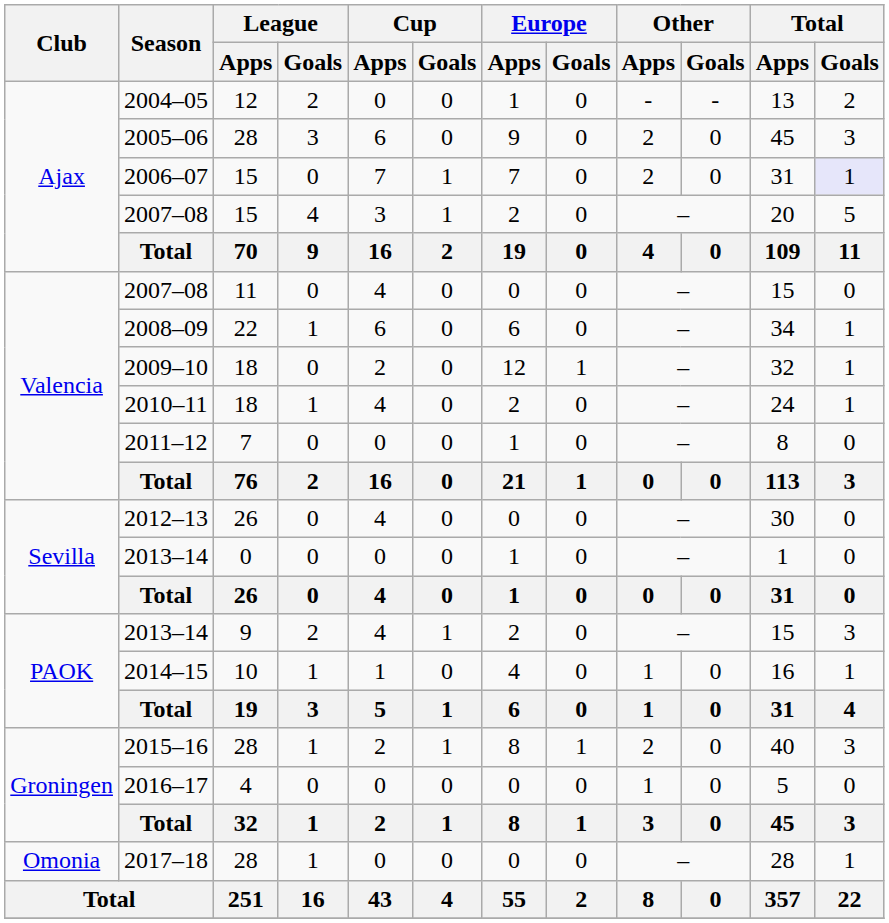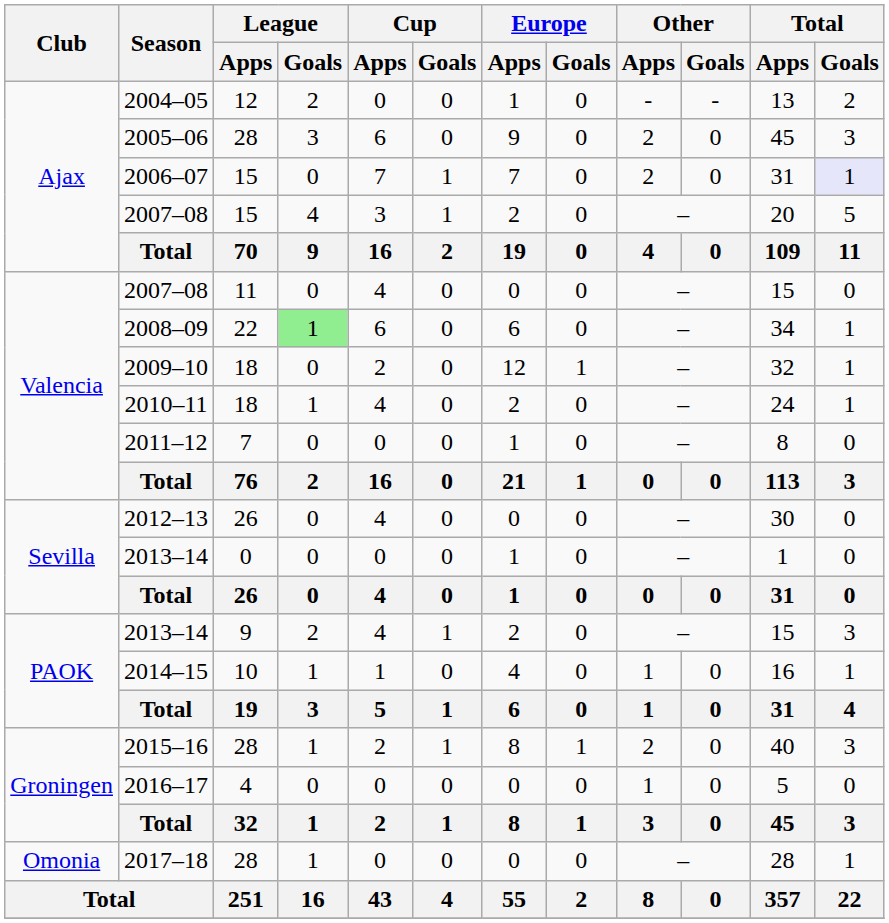 <table class="wikitable" style="text-align:center">
 <tr>
 <th rowspan=2>Club</th>
 <th rowspan=2>Season</th>
 <th colspan=2>League</th>
 <th colspan=2>Cup</th>
 <th colspan=2><a href='#'>Europe</a></th>
 <th colspan=2>Other</th>
 <th colspan=2>Total</th>
 </tr>
 <tr>
 <th>Apps</th>
 <th>Goals</th>
 <th>Apps</th>
 <th>Goals</th>
 <th>Apps</th>
 <th>Goals</th>
 <th>Apps</th>
 <th>Goals</th>
 <th>Apps</th>
 <th>Goals</th>
 </tr>
 <tr>
 <td rowspan=5><a href='#'>Ajax</a></td>
 <td>2004–05</td>
 <td>12</td>
 <td>2</td>
 <td>0</td>
 <td>0</td>
 <td>1</td>
 <td>0</td>
 <td>-</td>
 <td>-</td>
 <td>13</td>
 <td>2</td>
 </tr>
 <tr>
 <td>2005–06</td>
 <td>28</td>
 <td>3</td>
 <td>6</td>
 <td>0</td>
 <td>9</td>
 <td>0</td>
 <td>2</td>
 <td>0</td>
 <td>45</td>
 <td>3</td>
 </tr>
 <tr>
 <td>2006–07</td>
 <td>15</td>
 <td>0</td>
 <td>7</td>
 <td>1</td>
 <td>7</td>
 <td>0</td>
 <td>2</td>
 <td>0</td>
 <td>31</td>
 <td style="background: lavender;">1</td>
 </tr>
 <tr>
 <td>2007–08</td>
 <td>15</td>
 <td>4</td>
 <td>3</td>
 <td>1</td>
 <td>2</td>
 <td>0</td>
 <td colspan=2>–</td>
 <td>20</td>
 <td>5</td>
 </tr>
 <tr>
 <th>Total</th>
 <th>70</th>
 <th>9</th>
 <th>16</th>
 <th>2</th>
 <th>19</th>
 <th>0</th>
 <th>4</th>
 <th>0</th>
 <th>109</th>
 <th>11</th>
 </tr>
 <tr>
 <td rowspan=6><a href='#'>Valencia</a></td>
 <td>2007–08</td>
 <td>11</td>
 <td>0</td>
 <td>4</td>
 <td>0</td>
 <td>0</td>
 <td>0</td>
 <td colspan=2>–</td>
 <td>15</td>
 <td>0</td>
 </tr>
 <tr>
 <td>2008–09</td>
 <td>22</td>
-<td>1</td>
+<td style="background: lightgreen;">1</td>
 <td>6</td>
 <td>0</td>
 <td>6</td>
 <td>0</td>
 <td colspan=2>–</td>
 <td>34</td>
 <td>1</td>
 </tr>
 <tr>
 <td>2009–10</td>
 <td>18</td>
 <td>0</td>
 <td>2</td>
 <td>0</td>
 <td>12</td>
 <td>1</td>
 <td colspan=2>–</td>
 <td>32</td>
 <td>1</td>
 </tr>
 <tr>
 <td>2010–11</td>
 <td>18</td>
 <td>1</td>
 <td>4</td>
 <td>0</td>
 <td>2</td>
 <td>0</td>
 <td colspan=2>–</td>
 <td>24</td>
 <td>1</td>
 </tr>
 <tr>
 <td>2011–12</td>
 <td>7</td>
 <td>0</td>
 <td>0</td>
 <td>0</td>
 <td>1</td>
 <td>0</td>
 <td colspan=2>–</td>
 <td>8</td>
 <td>0</td>
 </tr>
 <tr>
 <th>Total</th>
 <th>76</th>
 <th>2</th>
 <th>16</th>
 <th>0</th>
 <th>21</th>
 <th>1</th>
 <th>0</th>
 <th>0</th>
 <th>113</th>
 <th>3</th>
 </tr>
 <tr>
 <td rowspan=3><a href='#'>Sevilla</a></td>
 <td>2012–13</td>
 <td>26</td>
 <td>0</td>
 <td>4</td>
 <td>0</td>
 <td>0</td>
 <td>0</td>
 <td colspan=2>–</td>
 <td>30</td>
 <td>0</td>
 </tr>
 <tr>
 <td>2013–14</td>
 <td>0</td>
 <td>0</td>
 <td>0</td>
 <td>0</td>
 <td>1</td>
 <td>0</td>
 <td colspan=2>–</td>
 <td>1</td>
 <td>0</td>
 </tr>
 <tr>
 <th>Total</th>
 <th>26</th>
 <th>0</th>
 <th>4</th>
 <th>0</th>
 <th>1</th>
 <th>0</th>
 <th>0</th>
 <th>0</th>
 <th>31</th>
 <th>0</th>
 </tr>
 <tr>
 <td rowspan=3><a href='#'>PAOK</a></td>
 <td>2013–14</td>
 <td>9</td>
 <td>2</td>
 <td>4</td>
 <td>1</td>
 <td>2</td>
 <td>0</td>
 <td colspan=2>–</td>
 <td>15</td>
 <td>3</td>
 </tr>
 <tr>
 <td>2014–15</td>
 <td>10</td>
 <td>1</td>
 <td>1</td>
 <td>0</td>
 <td>4</td>
 <td>0</td>
 <td>1</td>
 <td>0</td>
 <td>16</td>
 <td>1</td>
 </tr>
 <tr>
 <th>Total</th>
 <th>19</th>
 <th>3</th>
 <th>5</th>
 <th>1</th>
 <th>6</th>
 <th>0</th>
 <th>1</th>
 <th>0</th>
 <th>31</th>
 <th>4</th>
 </tr>
 <tr>
 <td rowspan=3><a href='#'>Groningen</a></td>
 <td>2015–16</td>
 <td>28</td>
 <td>1</td>
 <td>2</td>
 <td>1</td>
 <td>8</td>
 <td>1</td>
 <td>2</td>
 <td>0</td>
 <td>40</td>
 <td>3</td>
 </tr>
 <tr>
 <td>2016–17</td>
 <td>4</td>
 <td>0</td>
 <td>0</td>
 <td>0</td>
 <td>0</td>
 <td>0</td>
 <td>1</td>
 <td>0</td>
 <td>5</td>
 <td>0</td>
 </tr>
 <tr>
 <th>Total</th>
 <th>32</th>
 <th>1</th>
 <th>2</th>
 <th>1</th>
 <th>8</th>
 <th>1</th>
 <th>3</th>
 <th>0</th>
 <th>45</th>
 <th>3</th>
 </tr>
 <tr>
 <td><a href='#'>Omonia</a></td>
 <td>2017–18</td>
 <td>28</td>
 <td>1</td>
 <td>0</td>
 <td>0</td>
 <td>0</td>
 <td>0</td>
 <td colspan=2>–</td>
 <td>28</td>
 <td>1</td>
 </tr>
 <tr>
 <th colspan=2>Total</th>
 <th>251</th>
 <th>16</th>
 <th>43</th>
 <th>4</th>
 <th>55</th>
 <th>2</th>
 <th>8</th>
 <th>0</th>
 <th>357</th>
 <th>22</th>
 </tr>
 <tr>
 </tr>
 </table>
